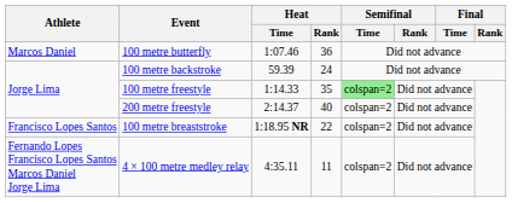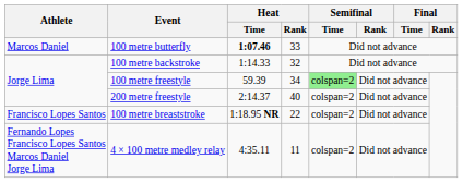 <table class=wikitable style="font-size:90%">
 <tr>
 <th rowspan="2">Athlete</th>
 <th rowspan="2">Event</th>
 <th colspan="2">Heat</th>
 <th colspan="2">Semifinal</th>
 <th colspan="2">Final</th>
 </tr>
 <tr style="font-size:95%">
 <th>Time</th>
 <th>Rank</th>
 <th>Time</th>
 <th>Rank</th>
 <th>Time</th>
 <th>Rank</th>
 </tr>
 <tr align=center>
 <td align=left><a href='#'>Marcos Daniel</a></td>
 <td align=left><a href='#'>100 metre butterfly</a></td>
-<td>1:07.46</td>
-<td>36</td>
+<td><strong>1:07.46</strong></td>
+<td>33</td>
 <td colspan=4 align=center>Did not advance</td>
 </tr>
 <tr align=center>
 <td align=left rowspan=3><a href='#'>Jorge Lima</a></td>
 <td align=left><a href='#'>100 metre backstroke</a></td>
-<td>59.39</td>
-<td>24</td>
+<td>1:14.33</td>
+<td>32</td>
 <td colspan=4 align=center>Did not advance</td>
 </tr>
 <tr align=center>
 <td align=left><a href='#'>100 metre freestyle</a></td>
-<td>1:14.33</td>
-<td>35</td>
+<td>59.39</td>
+<td>34</td>
 <td style="background: lightgreen;">colspan=2 </td>
 <td colspan=2 align=center>Did not advance</td>
 </tr>
 <tr align=center>
 <td align=left><a href='#'>200 metre freestyle</a></td>
 <td>2:14.37</td>
 <td>40</td>
 <td>colspan=2 </td>
 <td colspan=2 align=center>Did not advance</td>
 </tr>
 <tr align=center>
 <td align=left rowspan=1><a href='#'>Francisco Lopes Santos</a></td>
 <td align=left><a href='#'>100 metre breaststroke</a></td>
 <td>1:18.95 <strong>NR</strong></td>
 <td>22</td>
 <td>colspan=2 </td>
 <td colspan=2 align=center>Did not advance</td>
 </tr>
 <tr align=center>
 <td align=left><a href='#'>Fernando Lopes</a><br><a href='#'>Francisco Lopes Santos</a><br><a href='#'>Marcos Daniel</a><br><a href='#'>Jorge Lima</a></td>
 <td align=left><a href='#'>4 × 100 metre medley relay</a></td>
 <td>4:35.11</td>
 <td>11</td>
 <td>colspan=2 </td>
 <td colspan=2 align=center>Did not advance</td>
 </tr>
 </table>
